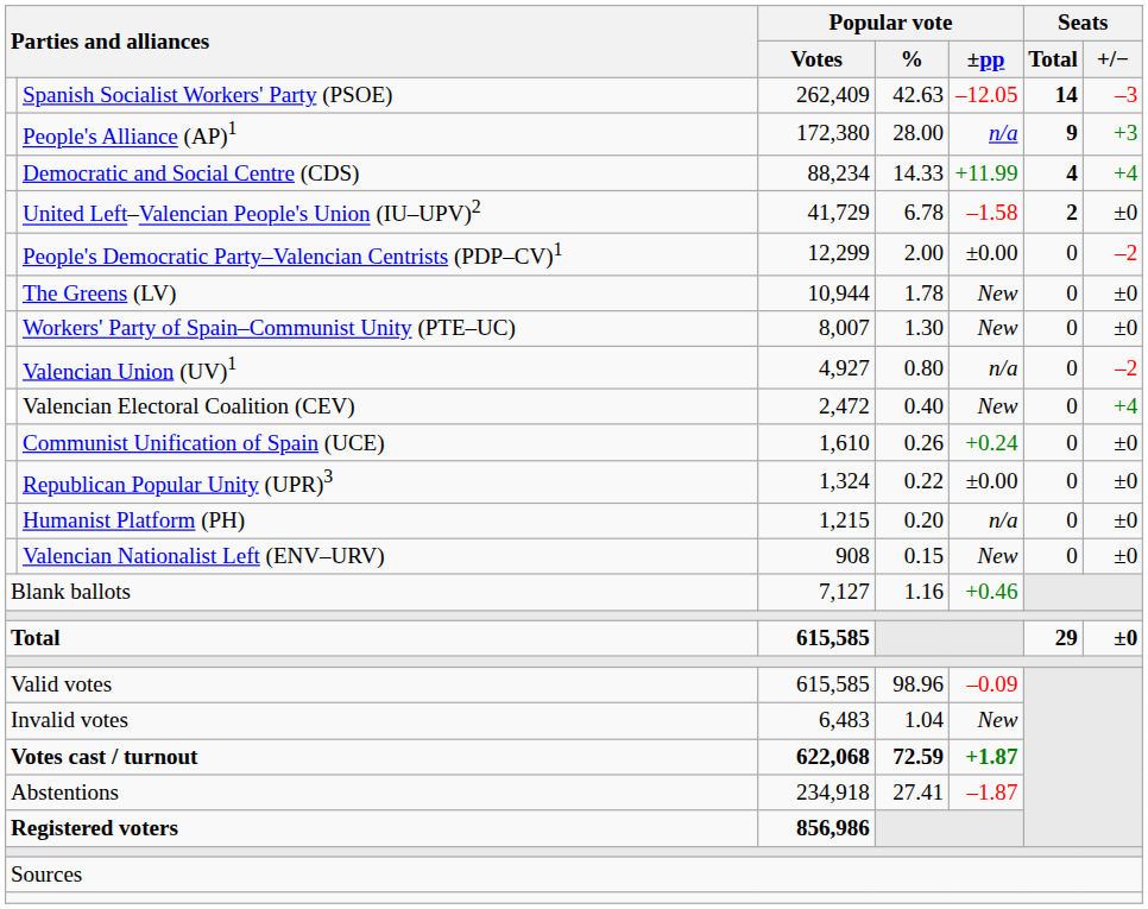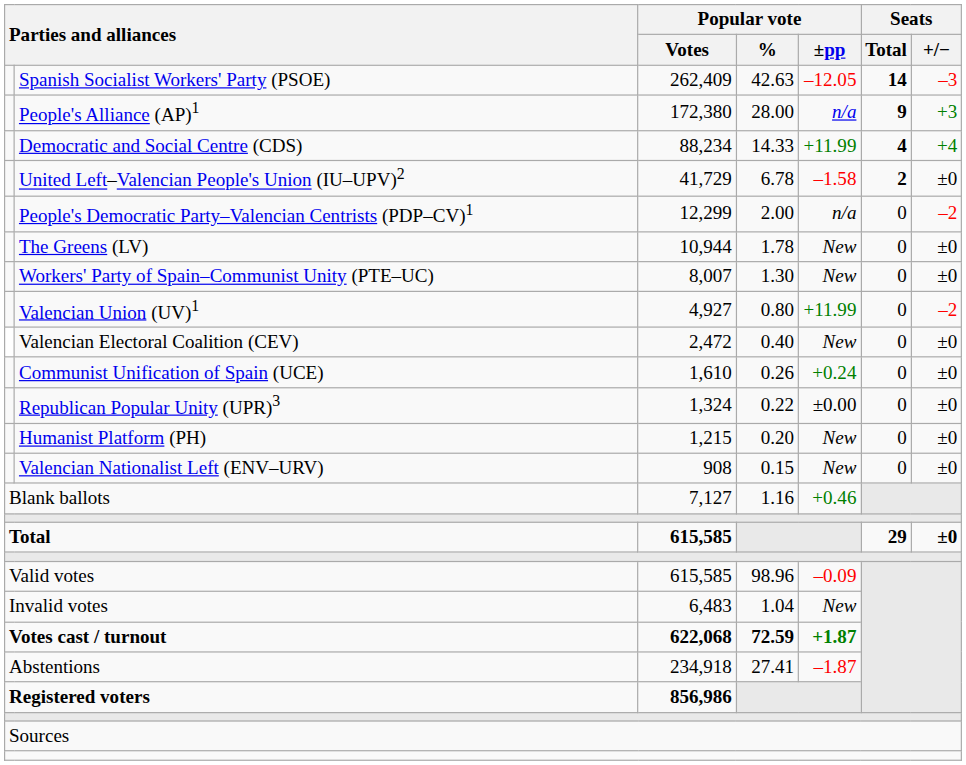 <table class="wikitable" style="text-align:right;">
 <tr>
 <th style="text-align:left;" rowspan="2" colspan="2" width="525">Parties and alliances</th>
 <th colspan="3">Popular vote</th>
 <th colspan="2">Seats</th>
 </tr>
 <tr>
 <th width="75">Votes</th>
 <th width="45">%</th>
 <th width="45">±<a href='#'>pp</a></th>
 <th width="35">Total</th>
 <th width="35">+/−</th>
 </tr>
 <tr>
 <td width="1" style="color:inherit;background:"></td>
 <td align="left"><a href='#'>Spanish Socialist Workers' Party</a> (PSOE)</td>
 <td>262,409</td>
 <td>42.63</td>
 <td style="color:red;">–12.05</td>
 <td><strong>14</strong></td>
 <td style="color:red;">–3</td>
 </tr>
 <tr>
 <td style="color:inherit;background:"></td>
 <td align="left"><a href='#'>People's Alliance</a> (AP)<sup>1</sup></td>
 <td>172,380</td>
 <td>28.00</td>
 <td><em><a href='#'>n/a</a></em></td>
 <td><strong>9</strong></td>
 <td style="color:green;">+3</td>
 </tr>
 <tr>
 <td style="color:inherit;background:"></td>
 <td align="left"><a href='#'>Democratic and Social Centre</a> (CDS)</td>
 <td>88,234</td>
 <td>14.33</td>
 <td style="color:green;">+11.99</td>
 <td><strong>4</strong></td>
 <td style="color:green;">+4</td>
 </tr>
 <tr>
 <td style="color:inherit;background:"></td>
 <td align="left"><a href='#'>United Left</a>–<a href='#'>Valencian People's Union</a> (IU–UPV)<sup>2</sup></td>
 <td>41,729</td>
 <td>6.78</td>
 <td style="color:red;">–1.58</td>
 <td><strong>2</strong></td>
 <td>±0</td>
 </tr>
 <tr>
 <td style="color:inherit;background:"></td>
 <td align="left"><a href='#'>People's Democratic Party–Valencian Centrists</a> (PDP–CV)<sup>1</sup></td>
 <td>12,299</td>
 <td>2.00</td>
-<td>±0.00</td>
+<td><em>n/a</em></td>
 <td>0</td>
 <td style="color:red;">–2</td>
 </tr>
 <tr>
 <td style="color:inherit;background:"></td>
 <td align="left"><a href='#'>The Greens</a> (LV)</td>
 <td>10,944</td>
 <td>1.78</td>
 <td><em>New</em></td>
 <td>0</td>
 <td>±0</td>
 </tr>
 <tr>
 <td style="color:inherit;background:"></td>
 <td align="left"><a href='#'>Workers' Party of Spain–Communist Unity</a> (PTE–UC)</td>
 <td>8,007</td>
 <td>1.30</td>
 <td><em>New</em></td>
 <td>0</td>
 <td>±0</td>
 </tr>
 <tr>
 <td style="color:inherit;background:"></td>
 <td align="left"><a href='#'>Valencian Union</a> (UV)<sup>1</sup></td>
 <td>4,927</td>
 <td>0.80</td>
-<td><em>n/a</em></td>
+<td style="color:green;">+11.99</td>
 <td>0</td>
 <td style="color:red;">–2</td>
 </tr>
 <tr>
 <td bgcolor="white"></td>
 <td align="left">Valencian Electoral Coalition (CEV)</td>
 <td>2,472</td>
 <td>0.40</td>
 <td><em>New</em></td>
 <td>0</td>
-<td style="color:green;">+4</td>
+<td>±0</td>
 </tr>
 <tr>
 <td style="color:inherit;background:"></td>
 <td align="left"><a href='#'>Communist Unification of Spain</a> (UCE)</td>
 <td>1,610</td>
 <td>0.26</td>
 <td style="color:green;">+0.24</td>
 <td>0</td>
 <td>±0</td>
 </tr>
 <tr>
 <td style="color:inherit;background:"></td>
 <td align="left"><a href='#'>Republican Popular Unity</a> (UPR)<sup>3</sup></td>
 <td>1,324</td>
 <td>0.22</td>
 <td>±0.00</td>
 <td>0</td>
 <td>±0</td>
 </tr>
 <tr>
 <td style="color:inherit;background:"></td>
 <td align="left"><a href='#'>Humanist Platform</a> (PH)</td>
 <td>1,215</td>
 <td>0.20</td>
-<td><em>n/a</em></td>
+<td><em>New</em></td>
 <td>0</td>
 <td>±0</td>
 </tr>
 <tr>
 <td style="color:inherit;background:"></td>
 <td align="left"><a href='#'>Valencian Nationalist Left</a> (ENV–URV)</td>
 <td>908</td>
 <td>0.15</td>
 <td><em>New</em></td>
 <td>0</td>
 <td>±0</td>
 </tr>
 <tr>
 <td align="left" colspan="2">Blank ballots</td>
 <td>7,127</td>
 <td>1.16</td>
 <td style="color:green;">+0.46</td>
 <td bgcolor="#E9E9E9" colspan="2"></td>
 </tr>
 <tr>
 <td colspan="7" bgcolor="#E9E9E9"></td>
 </tr>
 <tr style="font-weight:bold;">
 <td align="left" colspan="2">Total</td>
 <td>615,585</td>
 <td bgcolor="#E9E9E9" colspan="2"></td>
 <td>29</td>
 <td>±0</td>
 </tr>
 <tr>
 <td colspan="7" bgcolor="#E9E9E9"></td>
 </tr>
 <tr>
 <td align="left" colspan="2">Valid votes</td>
 <td>615,585</td>
 <td>98.96</td>
 <td style="color:red;">–0.09</td>
 <td bgcolor="#E9E9E9" colspan="2" rowspan="5"></td>
 </tr>
 <tr>
 <td align="left" colspan="2">Invalid votes</td>
 <td>6,483</td>
 <td>1.04</td>
 <td><em>New</em></td>
 </tr>
 <tr style="font-weight:bold;">
 <td align="left" colspan="2">Votes cast / turnout</td>
 <td>622,068</td>
 <td>72.59</td>
 <td style="color:green;">+1.87</td>
 </tr>
 <tr>
 <td align="left" colspan="2">Abstentions</td>
 <td>234,918</td>
 <td>27.41</td>
 <td style="color:red;">–1.87</td>
 </tr>
 <tr style="font-weight:bold;">
 <td align="left" colspan="2">Registered voters</td>
 <td>856,986</td>
 <td bgcolor="#E9E9E9" colspan="2"></td>
 </tr>
 <tr>
 <td colspan="7" bgcolor="#E9E9E9"></td>
 </tr>
 <tr>
 <td align="left" colspan="7">Sources</td>
 </tr>
 <tr>
 <td colspan="7" style="text-align:left; max-width:790px;"></td>
 </tr>
 </table>
